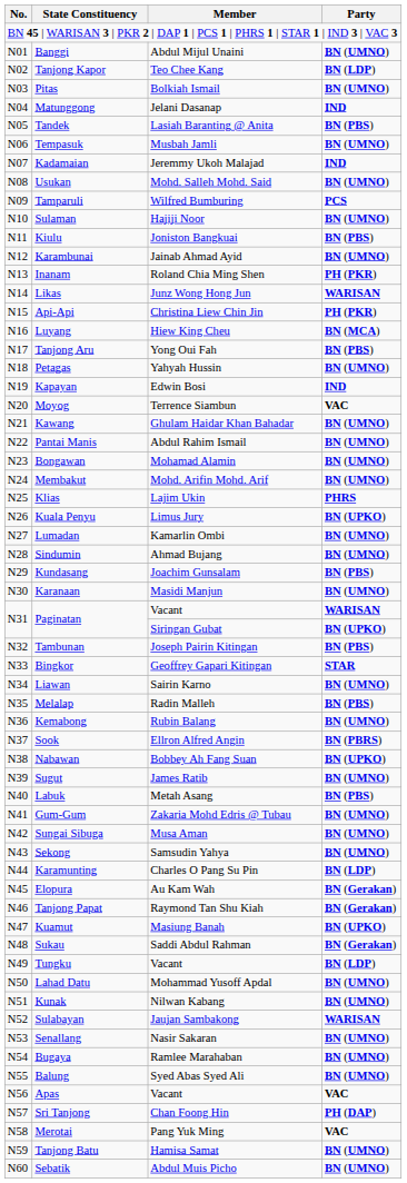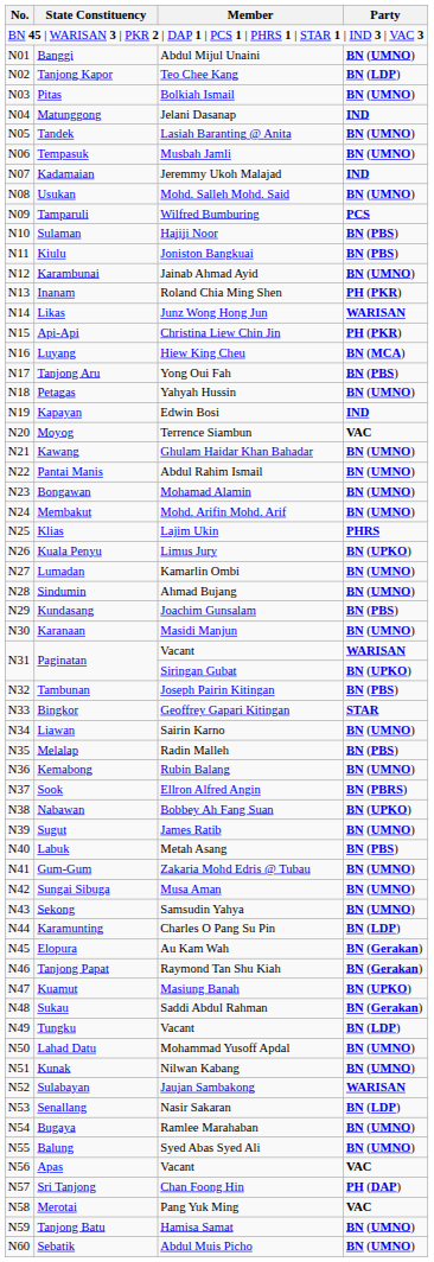 <table class="wikitable sortable">
 <tr>
 <th style="width:30px;">No.</th>
 <th style="width:150px;">State Constituency</th>
 <th style="width:230px;">Member</th>
 <th style="width:100px;">Party</th>
 </tr>
 <tr>
 <td colspan="4"><a href='#'>BN</a> <strong>45</strong> | <a href='#'>WARISAN</a> <strong>3</strong> | <a href='#'>PKR</a> <strong>2</strong> | <a href='#'>DAP</a> <strong>1</strong> | <a href='#'>PCS</a> <strong>1</strong> | <a href='#'>PHRS</a> <strong>1</strong> | <a href='#'>STAR</a> <strong>1</strong> | <a href='#'>IND</a> <strong>3</strong> | <a href='#'>VAC</a> <strong>3</strong></td>
 </tr>
 <tr>
 <td>N01</td>
 <td><a href='#'>Banggi</a></td>
 <td>Abdul Mijul Unaini</td>
 <td><strong><a href='#'>BN</a></strong> (<strong><a href='#'>UMNO</a></strong>)</td>
 </tr>
 <tr>
 <td>N02</td>
 <td><a href='#'>Tanjong Kapor</a></td>
 <td><a href='#'>Teo Chee Kang</a></td>
 <td><strong><a href='#'>BN</a></strong> (<strong><a href='#'>LDP</a></strong>)</td>
 </tr>
 <tr>
 <td>N03</td>
 <td><a href='#'>Pitas</a></td>
 <td><a href='#'>Bolkiah Ismail</a></td>
 <td><strong><a href='#'>BN</a></strong> (<strong><a href='#'>UMNO</a></strong>)</td>
 </tr>
 <tr>
 <td>N04</td>
 <td><a href='#'>Matunggong</a></td>
 <td>Jelani Dasanap </td>
 <td><strong><a href='#'>IND</a></strong></td>
 </tr>
 <tr>
 <td>N05</td>
 <td><a href='#'>Tandek</a></td>
 <td><a href='#'>Lasiah Baranting @ Anita</a></td>
-<td><strong><a href='#'>BN</a></strong> (<strong><a href='#'>PBS</a></strong>)</td>
+<td><strong><a href='#'>BN</a></strong> (<strong><a href='#'>UMNO</a></strong>)</td>
 </tr>
 <tr>
 <td>N06</td>
 <td><a href='#'>Tempasuk</a></td>
 <td><a href='#'>Musbah Jamli</a></td>
 <td><strong><a href='#'>BN</a></strong> (<strong><a href='#'>UMNO</a></strong>)</td>
 </tr>
 <tr>
 <td>N07</td>
 <td><a href='#'>Kadamaian</a></td>
 <td>Jeremmy Ukoh Malajad </td>
 <td><strong><a href='#'>IND</a></strong></td>
 </tr>
 <tr>
 <td>N08</td>
 <td><a href='#'>Usukan</a></td>
 <td><a href='#'>Mohd. Salleh Mohd. Said</a></td>
 <td><strong><a href='#'>BN</a></strong> (<strong><a href='#'>UMNO</a></strong>)</td>
 </tr>
 <tr>
 <td>N09</td>
 <td><a href='#'>Tamparuli</a></td>
 <td><a href='#'>Wilfred Bumburing</a></td>
 <td><strong><a href='#'>PCS</a></strong></td>
 </tr>
 <tr>
 <td>N10</td>
 <td><a href='#'>Sulaman</a></td>
 <td><a href='#'>Hajiji Noor</a></td>
-<td><strong><a href='#'>BN</a></strong> (<strong><a href='#'>UMNO</a></strong>)</td>
+<td><strong><a href='#'>BN</a></strong> (<strong><a href='#'>PBS</a></strong>)</td>
 </tr>
 <tr>
 <td>N11</td>
 <td><a href='#'>Kiulu</a></td>
 <td><a href='#'>Joniston Bangkuai</a></td>
 <td><strong><a href='#'>BN</a></strong> (<strong><a href='#'>PBS</a></strong>)</td>
 </tr>
 <tr>
 <td>N12</td>
 <td><a href='#'>Karambunai</a></td>
 <td>Jainab Ahmad Ayid</td>
 <td><strong><a href='#'>BN</a></strong> (<strong><a href='#'>UMNO</a></strong>)</td>
 </tr>
 <tr>
 <td>N13</td>
 <td><a href='#'>Inanam</a></td>
 <td>Roland Chia Ming Shen</td>
 <td><strong><a href='#'>PH</a></strong> (<strong><a href='#'>PKR</a></strong>)</td>
 </tr>
 <tr>
 <td>N14</td>
 <td><a href='#'>Likas</a></td>
 <td><a href='#'>Junz Wong Hong Jun</a></td>
 <td><strong><a href='#'>WARISAN</a></strong></td>
 </tr>
 <tr>
 <td>N15</td>
 <td><a href='#'>Api-Api</a></td>
 <td><a href='#'>Christina Liew Chin Jin</a></td>
 <td><strong><a href='#'>PH</a></strong> (<strong><a href='#'>PKR</a></strong>)</td>
 </tr>
 <tr>
 <td>N16</td>
 <td><a href='#'>Luyang</a></td>
 <td><a href='#'>Hiew King Cheu</a></td>
 <td><strong><a href='#'>BN</a></strong> (<strong><a href='#'>MCA</a></strong>)</td>
 </tr>
 <tr>
 <td>N17</td>
 <td><a href='#'>Tanjong Aru</a></td>
 <td>Yong Oui Fah</td>
 <td><strong><a href='#'>BN</a></strong> (<strong><a href='#'>PBS</a></strong>)</td>
 </tr>
 <tr>
 <td>N18</td>
 <td><a href='#'>Petagas</a></td>
 <td>Yahyah Hussin</td>
 <td><strong><a href='#'>BN</a></strong> (<strong><a href='#'>UMNO</a></strong>)</td>
 </tr>
 <tr>
 <td>N19</td>
 <td><a href='#'>Kapayan</a></td>
 <td>Edwin Bosi </td>
 <td><strong><a href='#'>IND</a></strong></td>
 </tr>
 <tr>
 <td>N20</td>
 <td><a href='#'>Moyog</a></td>
 <td>Terrence Siambun</td>
 <td><strong>VAC</strong></td>
 </tr>
 <tr>
 <td>N21</td>
 <td><a href='#'>Kawang</a></td>
 <td><a href='#'>Ghulam Haidar Khan Bahadar</a></td>
 <td><strong><a href='#'>BN</a></strong> (<strong><a href='#'>UMNO</a></strong>)</td>
 </tr>
 <tr>
 <td>N22</td>
 <td><a href='#'>Pantai Manis</a></td>
 <td>Abdul Rahim Ismail</td>
 <td><strong><a href='#'>BN</a></strong> (<strong><a href='#'>UMNO</a></strong>)</td>
 </tr>
 <tr>
 <td>N23</td>
 <td><a href='#'>Bongawan</a></td>
 <td><a href='#'>Mohamad Alamin</a></td>
 <td><strong><a href='#'>BN</a></strong> (<strong><a href='#'>UMNO</a></strong>)</td>
 </tr>
 <tr>
 <td>N24</td>
 <td><a href='#'>Membakut</a></td>
 <td><a href='#'>Mohd. Arifin Mohd. Arif</a></td>
 <td><strong><a href='#'>BN</a></strong> (<strong><a href='#'>UMNO</a></strong>)</td>
 </tr>
 <tr>
 <td>N25</td>
 <td><a href='#'>Klias</a></td>
 <td><a href='#'>Lajim Ukin</a></td>
 <td><strong><a href='#'>PHRS</a></strong></td>
 </tr>
 <tr>
 <td>N26</td>
 <td><a href='#'>Kuala Penyu</a></td>
 <td><a href='#'>Limus Jury</a></td>
 <td><strong><a href='#'>BN</a></strong> (<strong><a href='#'>UPKO</a></strong>)</td>
 </tr>
 <tr>
 <td>N27</td>
 <td><a href='#'>Lumadan</a></td>
 <td>Kamarlin Ombi</td>
 <td><strong><a href='#'>BN</a></strong> (<strong><a href='#'>UMNO</a></strong>)</td>
 </tr>
 <tr>
 <td>N28</td>
 <td><a href='#'>Sindumin</a></td>
 <td>Ahmad Bujang</td>
 <td><strong><a href='#'>BN</a></strong> (<strong><a href='#'>UMNO</a></strong>)</td>
 </tr>
 <tr>
 <td>N29</td>
 <td><a href='#'>Kundasang</a></td>
 <td><a href='#'>Joachim Gunsalam</a></td>
 <td><strong><a href='#'>BN</a></strong> (<strong><a href='#'>PBS</a></strong>)</td>
 </tr>
 <tr>
 <td>N30</td>
 <td><a href='#'>Karanaan</a></td>
 <td><a href='#'>Masidi Manjun</a></td>
 <td><strong><a href='#'>BN</a></strong> (<strong><a href='#'>UMNO</a></strong>)</td>
 </tr>
 <tr>
 <td rowspan=2>N31</td>
 <td rowspan=2><a href='#'>Paginatan</a></td>
 <td>Vacant </td>
 <td><strong><a href='#'>WARISAN</a></strong></td>
 </tr>
 <tr>
 <td><a href='#'>Siringan Gubat</a> </td>
 <td><strong><a href='#'>BN</a></strong> (<strong><a href='#'>UPKO</a></strong>)</td>
 </tr>
 <tr>
 <td>N32</td>
 <td><a href='#'>Tambunan</a></td>
 <td><a href='#'>Joseph Pairin Kitingan</a></td>
 <td><strong><a href='#'>BN</a></strong> (<strong><a href='#'>PBS</a></strong>)</td>
 </tr>
 <tr>
 <td>N33</td>
 <td><a href='#'>Bingkor</a></td>
 <td><a href='#'>Geoffrey Gapari Kitingan</a></td>
 <td><strong><a href='#'>STAR</a></strong></td>
 </tr>
 <tr>
 <td>N34</td>
 <td><a href='#'>Liawan</a></td>
 <td>Sairin Karno</td>
 <td><strong><a href='#'>BN</a></strong> (<strong><a href='#'>UMNO</a></strong>)</td>
 </tr>
 <tr>
 <td>N35</td>
 <td><a href='#'>Melalap</a></td>
 <td>Radin Malleh</td>
 <td><strong><a href='#'>BN</a></strong> (<strong><a href='#'>PBS</a></strong>)</td>
 </tr>
 <tr>
 <td>N36</td>
 <td><a href='#'>Kemabong</a></td>
 <td><a href='#'>Rubin Balang</a></td>
 <td><strong><a href='#'>BN</a></strong> (<strong><a href='#'>UMNO</a></strong>)</td>
 </tr>
 <tr>
 <td>N37</td>
 <td><a href='#'>Sook</a></td>
 <td><a href='#'>Ellron Alfred Angin</a></td>
 <td><strong><a href='#'>BN</a></strong> (<strong><a href='#'>PBRS</a></strong>)</td>
 </tr>
 <tr>
 <td>N38</td>
 <td><a href='#'>Nabawan</a></td>
 <td><a href='#'>Bobbey Ah Fang Suan</a></td>
 <td><strong><a href='#'>BN</a></strong> (<strong><a href='#'>UPKO</a></strong>)</td>
 </tr>
 <tr>
 <td>N39</td>
 <td><a href='#'>Sugut</a></td>
 <td><a href='#'>James Ratib</a></td>
 <td><strong><a href='#'>BN</a></strong> (<strong><a href='#'>UMNO</a></strong>)</td>
 </tr>
 <tr>
 <td>N40</td>
 <td><a href='#'>Labuk</a></td>
 <td>Metah Asang</td>
 <td><strong><a href='#'>BN</a></strong> (<strong><a href='#'>PBS</a></strong>)</td>
 </tr>
 <tr>
 <td>N41</td>
 <td><a href='#'>Gum-Gum</a></td>
 <td><a href='#'>Zakaria Mohd Edris @ Tubau</a></td>
 <td><strong><a href='#'>BN</a></strong> (<strong><a href='#'>UMNO</a></strong>)</td>
 </tr>
 <tr>
 <td>N42</td>
 <td><a href='#'>Sungai Sibuga</a></td>
 <td><a href='#'>Musa Aman</a></td>
 <td><strong><a href='#'>BN</a></strong> (<strong><a href='#'>UMNO</a></strong>)</td>
 </tr>
 <tr>
 <td>N43</td>
 <td><a href='#'>Sekong</a></td>
 <td>Samsudin Yahya</td>
 <td><strong><a href='#'>BN</a></strong> (<strong><a href='#'>UMNO</a></strong>)</td>
 </tr>
 <tr>
 <td>N44</td>
 <td><a href='#'>Karamunting</a></td>
 <td>Charles O Pang Su Pin</td>
 <td><strong><a href='#'>BN</a></strong> (<strong><a href='#'>LDP</a></strong>)</td>
 </tr>
 <tr>
 <td>N45</td>
 <td><a href='#'>Elopura</a></td>
 <td>Au Kam Wah</td>
 <td><strong><a href='#'>BN</a></strong> (<strong><a href='#'>Gerakan</a></strong>)</td>
 </tr>
 <tr>
 <td>N46</td>
 <td><a href='#'>Tanjong Papat</a></td>
 <td>Raymond Tan Shu Kiah</td>
 <td><strong><a href='#'>BN</a></strong> (<strong><a href='#'>Gerakan</a></strong>)</td>
 </tr>
 <tr>
 <td>N47</td>
 <td><a href='#'>Kuamut</a></td>
 <td><a href='#'>Masiung Banah</a></td>
 <td><strong><a href='#'>BN</a></strong> (<strong><a href='#'>UPKO</a></strong>)</td>
 </tr>
 <tr>
 <td>N48</td>
 <td><a href='#'>Sukau</a></td>
 <td>Saddi Abdul Rahman</td>
 <td><strong><a href='#'>BN</a></strong> (<strong><a href='#'>Gerakan</a></strong>)</td>
 </tr>
 <tr>
 <td>N49</td>
 <td><a href='#'>Tungku</a></td>
 <td>Vacant </td>
 <td><strong><a href='#'>BN</a></strong> (<strong><a href='#'>LDP</a></strong>)</td>
 </tr>
 <tr>
 <td>N50</td>
 <td><a href='#'>Lahad Datu</a></td>
 <td>Mohammad Yusoff Apdal</td>
 <td><strong><a href='#'>BN</a></strong> (<strong><a href='#'>UMNO</a></strong>)</td>
 </tr>
 <tr>
 <td>N51</td>
 <td><a href='#'>Kunak</a></td>
 <td>Nilwan Kabang</td>
 <td><strong><a href='#'>BN</a></strong> (<strong><a href='#'>UMNO</a></strong>)</td>
 </tr>
 <tr>
 <td>N52</td>
 <td><a href='#'>Sulabayan</a></td>
 <td><a href='#'>Jaujan Sambakong</a></td>
 <td><strong><a href='#'>WARISAN</a></strong></td>
 </tr>
 <tr>
 <td>N53</td>
 <td><a href='#'>Senallang</a></td>
 <td>Nasir Sakaran</td>
-<td><strong><a href='#'>BN</a></strong> (<strong><a href='#'>UMNO</a></strong>)</td>
+<td><strong><a href='#'>BN</a></strong> (<strong><a href='#'>LDP</a></strong>)</td>
 </tr>
 <tr>
 <td>N54</td>
 <td><a href='#'>Bugaya</a></td>
 <td>Ramlee Marahaban</td>
 <td><strong><a href='#'>BN</a></strong> (<strong><a href='#'>UMNO</a></strong>)</td>
 </tr>
 <tr>
 <td>N55</td>
 <td><a href='#'>Balung</a></td>
 <td>Syed Abas Syed Ali</td>
 <td><strong><a href='#'>BN</a></strong> (<strong><a href='#'>UMNO</a></strong>)</td>
 </tr>
 <tr>
 <td>N56</td>
 <td><a href='#'>Apas</a></td>
 <td>Vacant</td>
 <td><strong>VAC</strong></td>
 </tr>
 <tr>
 <td>N57</td>
 <td><a href='#'>Sri Tanjong</a></td>
 <td><a href='#'>Chan Foong Hin</a></td>
 <td><strong><a href='#'>PH</a></strong> (<strong><a href='#'>DAP</a></strong>)</td>
 </tr>
 <tr>
 <td>N58</td>
 <td><a href='#'>Merotai</a></td>
 <td>Pang Yuk Ming</td>
 <td><strong>VAC</strong></td>
 </tr>
 <tr>
 <td>N59</td>
 <td><a href='#'>Tanjong Batu</a></td>
 <td><a href='#'>Hamisa Samat</a></td>
 <td><strong><a href='#'>BN</a></strong> (<strong><a href='#'>UMNO</a></strong>)</td>
 </tr>
 <tr>
 <td>N60</td>
 <td><a href='#'>Sebatik</a></td>
 <td><a href='#'>Abdul Muis Picho</a></td>
 <td><strong><a href='#'>BN</a></strong> (<strong><a href='#'>UMNO</a></strong>)</td>
 </tr>
 </table>
